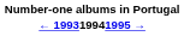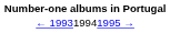 <table class="toc" id="toc" summary="Contents">
 <tr>
 <th>Number-one albums in Portugal</th>
 </tr>
 <tr>
-<td align="center"><strong><a href='#'>← 1993</a>1994<a href='#'>1995 →</a></strong></td>
+<td align="center"><a href='#'>← 1993</a>1994<a href='#'>1995 →</a></td>
 </tr>
 </table>
